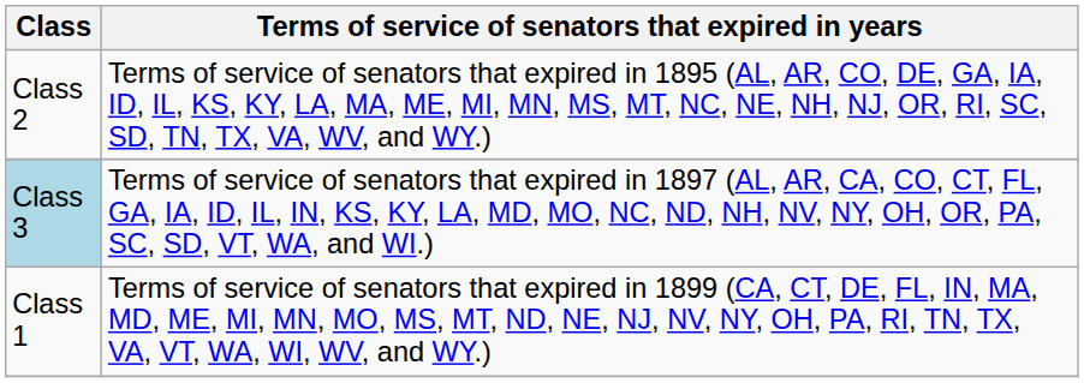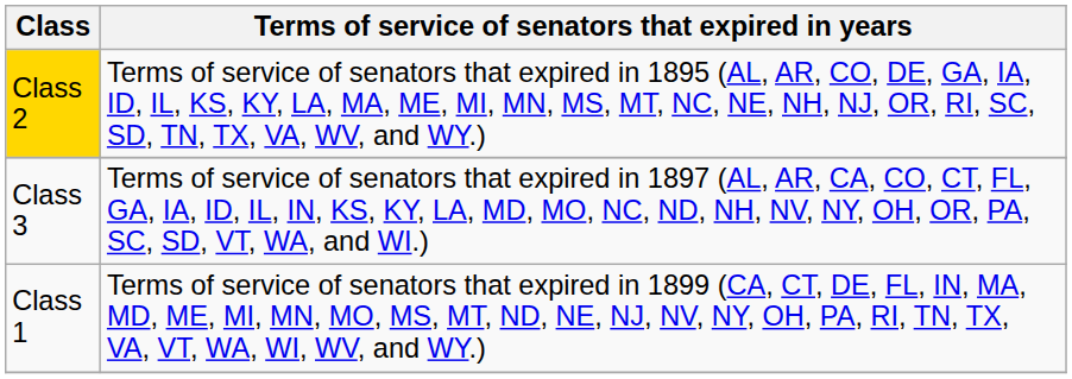 <table class="wikitable sortable">
 <tr valign=bottom>
 <th>Class</th>
 <th>Terms of service of senators that expired in years</th>
 </tr>
 <tr>
-<td>Class 2</td>
+<td style="background: gold;">Class 2</td>
 <td>Terms of service of senators that expired in 1895 (<a href='#'>AL</a>, <a href='#'>AR</a>, <a href='#'>CO</a>, <a href='#'>DE</a>, <a href='#'>GA</a>, <a href='#'>IA</a>, <a href='#'>ID</a>, <a href='#'>IL</a>, <a href='#'>KS</a>, <a href='#'>KY</a>, <a href='#'>LA</a>, <a href='#'>MA</a>, <a href='#'>ME</a>, <a href='#'>MI</a>, <a href='#'>MN</a>, <a href='#'>MS</a>, <a href='#'>MT</a>, <a href='#'>NC</a>, <a href='#'>NE</a>, <a href='#'>NH</a>, <a href='#'>NJ</a>, <a href='#'>OR</a>, <a href='#'>RI</a>, <a href='#'>SC</a>, <a href='#'>SD</a>, <a href='#'>TN</a>, <a href='#'>TX</a>, <a href='#'>VA</a>, <a href='#'>WV</a>, and <a href='#'>WY</a>.)</td>
 </tr>
 <tr>
 </tr>
 <tr>
-<td style="background: lightblue;">Class 3</td>
+<td>Class 3</td>
 <td>Terms of service of senators that expired in 1897 (<a href='#'>AL</a>, <a href='#'>AR</a>, <a href='#'>CA</a>, <a href='#'>CO</a>, <a href='#'>CT</a>, <a href='#'>FL</a>, <a href='#'>GA</a>, <a href='#'>IA</a>, <a href='#'>ID</a>, <a href='#'>IL</a>, <a href='#'>IN</a>, <a href='#'>KS</a>, <a href='#'>KY</a>, <a href='#'>LA</a>, <a href='#'>MD</a>, <a href='#'>MO</a>, <a href='#'>NC</a>, <a href='#'>ND</a>, <a href='#'>NH</a>, <a href='#'>NV</a>, <a href='#'>NY</a>, <a href='#'>OH</a>, <a href='#'>OR</a>, <a href='#'>PA</a>, <a href='#'>SC</a>, <a href='#'>SD</a>, <a href='#'>VT</a>, <a href='#'>WA</a>, and <a href='#'>WI</a>.)</td>
 </tr>
 <tr>
 <td>Class 1</td>
 <td>Terms of service of senators that expired in 1899 (<a href='#'>CA</a>, <a href='#'>CT</a>, <a href='#'>DE</a>, <a href='#'>FL</a>, <a href='#'>IN</a>, <a href='#'>MA</a>, <a href='#'>MD</a>, <a href='#'>ME</a>,  <a href='#'>MI</a>, <a href='#'>MN</a>, <a href='#'>MO</a>, <a href='#'>MS</a>, <a href='#'>MT</a>, <a href='#'>ND</a>, <a href='#'>NE</a>, <a href='#'>NJ</a>,  <a href='#'>NV</a>, <a href='#'>NY</a>, <a href='#'>OH</a>, <a href='#'>PA</a>, <a href='#'>RI</a>, <a href='#'>TN</a>, <a href='#'>TX</a>, <a href='#'>VA</a>, <a href='#'>VT</a>, <a href='#'>WA</a>, <a href='#'>WI</a>, <a href='#'>WV</a>, and <a href='#'>WY</a>.)</td>
 </tr>
 <tr>
 </tr>
 </table>
